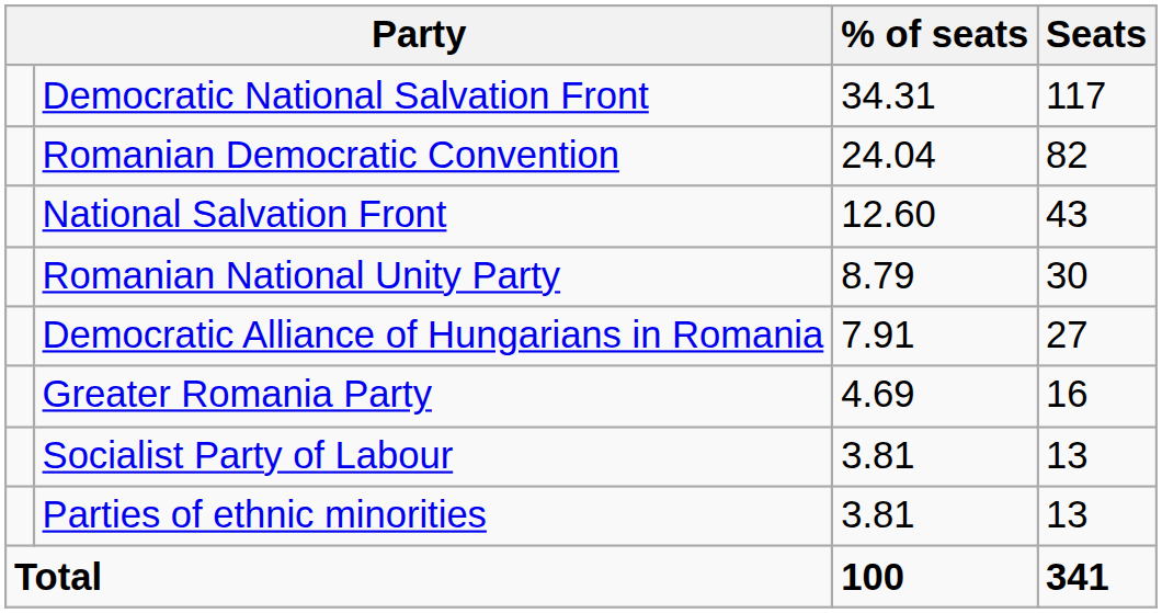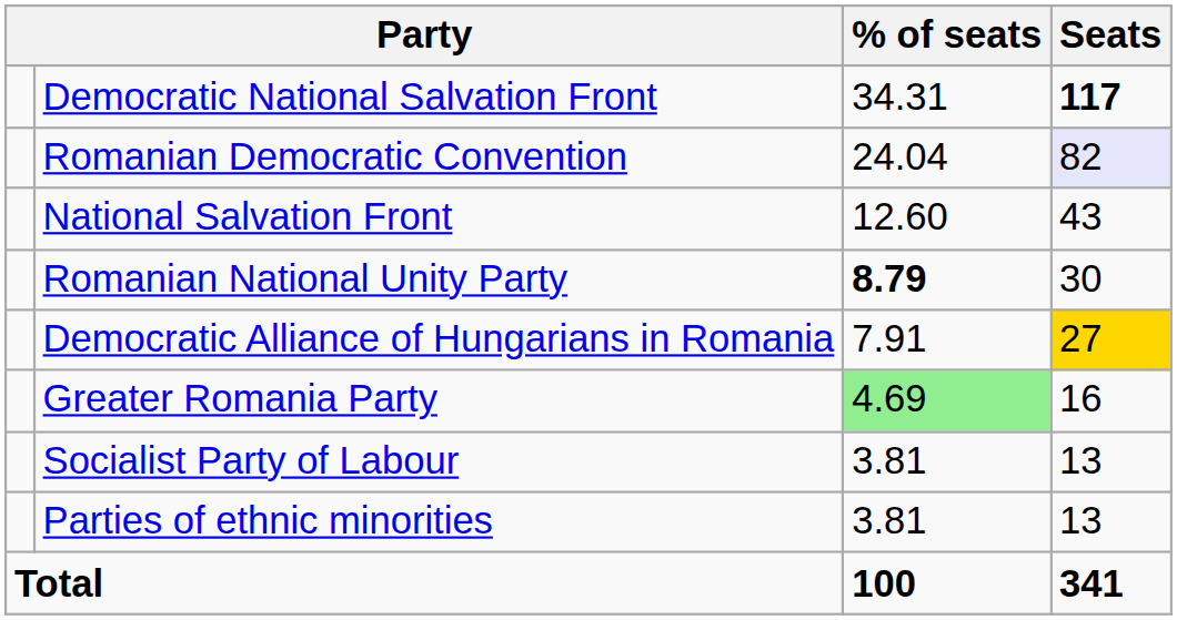 <table class="wikitable">
 <tr>
 <th colspan=2>Party</th>
 <th>% of seats</th>
 <th>Seats</th>
 </tr>
 <tr>
 <td> </td>
 <td><a href='#'>Democratic National Salvation Front</a></td>
 <td>34.31</td>
-<td>117</td>
+<td><strong>117</strong></td>
 </tr>
 <tr>
 <td> </td>
 <td><a href='#'>Romanian Democratic Convention</a></td>
 <td>24.04</td>
-<td>82</td>
+<td style="background: lavender;">82</td>
 </tr>
 <tr>
 <td> </td>
 <td><a href='#'>National Salvation Front</a></td>
 <td>12.60</td>
 <td>43</td>
 </tr>
 <tr>
 <td> </td>
 <td><a href='#'>Romanian National Unity Party</a></td>
-<td>8.79</td>
+<td><strong>8.79</strong></td>
 <td>30</td>
 </tr>
 <tr>
 <td> </td>
 <td><a href='#'>Democratic Alliance of Hungarians in Romania</a></td>
 <td>7.91</td>
-<td>27</td>
+<td style="background: gold;">27</td>
 </tr>
 <tr>
 <td> </td>
 <td><a href='#'>Greater Romania Party</a></td>
-<td>4.69</td>
+<td style="background: lightgreen;">4.69</td>
 <td>16</td>
 </tr>
 <tr>
 <td> </td>
 <td><a href='#'>Socialist Party of Labour</a></td>
 <td>3.81</td>
 <td>13</td>
 </tr>
 <tr>
 <td> </td>
 <td><a href='#'>Parties of ethnic minorities</a></td>
 <td>3.81</td>
 <td>13</td>
 </tr>
 <tr>
 <td colspan=2><strong>Total</strong></td>
 <td><strong>100</strong></td>
 <td><strong>341</strong></td>
 </tr>
 </table>
